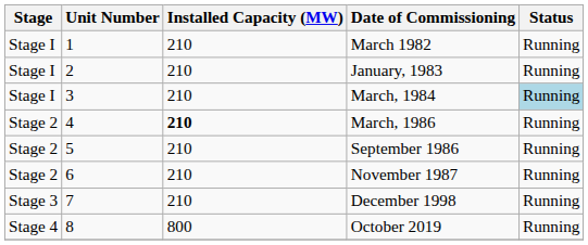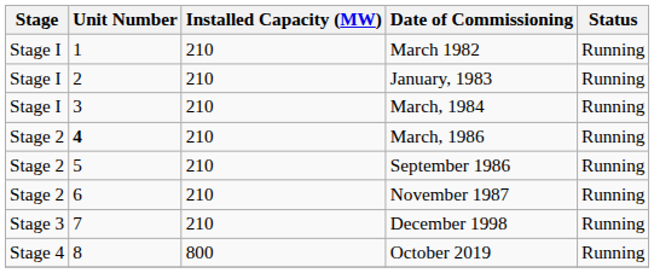 <table class="sortable wikitable">
 <tr>
 <th>Stage</th>
 <th>Unit Number</th>
 <th>Installed Capacity (<a href='#'>MW</a>)</th>
 <th>Date of Commissioning</th>
 <th>Status</th>
 </tr>
 <tr>
 <td>Stage I</td>
 <td>1</td>
 <td>210</td>
 <td>March 1982</td>
 <td>Running</td>
 </tr>
 <tr>
 <td>Stage I</td>
 <td>2</td>
 <td>210</td>
 <td>January, 1983</td>
 <td>Running</td>
 </tr>
 <tr>
 <td>Stage I</td>
 <td>3</td>
 <td>210</td>
 <td>March, 1984</td>
-<td style="background: lightblue;">Running</td>
+<td>Running</td>
 </tr>
 <tr>
 <td>Stage 2</td>
-<td>4</td>
-<td><strong>210</strong></td>
+<td><strong>4</strong></td>
+<td>210</td>
 <td>March, 1986</td>
 <td>Running</td>
 </tr>
 <tr>
 <td>Stage 2</td>
 <td>5</td>
 <td>210</td>
 <td>September 1986</td>
 <td>Running</td>
 </tr>
 <tr>
 <td>Stage 2</td>
 <td>6</td>
 <td>210</td>
 <td>November 1987</td>
 <td>Running</td>
 </tr>
 <tr>
 <td>Stage 3</td>
 <td>7</td>
 <td>210</td>
 <td>December 1998</td>
 <td>Running</td>
 </tr>
 <tr>
 <td>Stage 4</td>
 <td>8</td>
 <td>800</td>
 <td>October 2019</td>
 <td>Running</td>
 </tr>
 <tr>
 </tr>
 </table>
